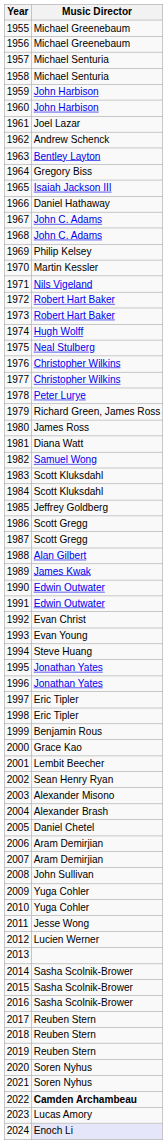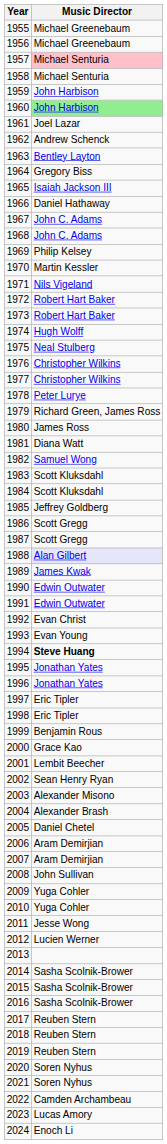 <table class="wikitable">
 <tr>
 <th>Year</th>
 <th>Music Director</th>
 </tr>
 <tr>
 <td>1955</td>
 <td>Michael Greenebaum</td>
 </tr>
 <tr>
 <td>1956</td>
 <td>Michael Greenebaum</td>
 </tr>
 <tr>
 <td>1957</td>
-<td>Michael Senturia</td>
+<td style="background: pink;">Michael Senturia</td>
 </tr>
 <tr>
 <td>1958</td>
 <td>Michael Senturia</td>
 </tr>
 <tr>
 <td>1959</td>
 <td><a href='#'>John Harbison</a></td>
 </tr>
 <tr>
 <td>1960</td>
-<td><a href='#'>John Harbison</a></td>
+<td style="background: lightgreen;"><a href='#'>John Harbison</a></td>
 </tr>
 <tr>
 <td>1961</td>
 <td>Joel Lazar</td>
 </tr>
 <tr>
 <td>1962</td>
 <td>Andrew Schenck</td>
 </tr>
 <tr>
 <td>1963</td>
 <td><a href='#'>Bentley Layton</a></td>
 </tr>
 <tr>
 <td>1964</td>
 <td>Gregory Biss</td>
 </tr>
 <tr>
 <td>1965</td>
 <td><a href='#'>Isaiah Jackson III</a></td>
 </tr>
 <tr>
 <td>1966</td>
 <td>Daniel Hathaway</td>
 </tr>
 <tr>
 <td>1967</td>
 <td><a href='#'>John C. Adams</a></td>
 </tr>
 <tr>
 <td>1968</td>
 <td><a href='#'>John C. Adams</a></td>
 </tr>
 <tr>
 <td>1969</td>
 <td>Philip Kelsey</td>
 </tr>
 <tr>
 <td>1970</td>
 <td>Martin Kessler</td>
 </tr>
 <tr>
 <td>1971</td>
 <td><a href='#'>Nils Vigeland</a></td>
 </tr>
 <tr>
 <td>1972</td>
 <td><a href='#'>Robert Hart Baker</a></td>
 </tr>
 <tr>
 <td>1973</td>
 <td><a href='#'>Robert Hart Baker</a></td>
 </tr>
 <tr>
 <td>1974</td>
 <td><a href='#'>Hugh Wolff</a></td>
 </tr>
 <tr>
 <td>1975</td>
 <td><a href='#'>Neal Stulberg</a></td>
 </tr>
 <tr>
 <td>1976</td>
 <td><a href='#'>Christopher Wilkins</a></td>
 </tr>
 <tr>
 <td>1977</td>
 <td><a href='#'>Christopher Wilkins</a></td>
 </tr>
 <tr>
 <td>1978</td>
 <td><a href='#'>Peter Lurye</a></td>
 </tr>
 <tr>
 <td>1979</td>
 <td>Richard Green, James Ross</td>
 </tr>
 <tr>
 <td>1980</td>
 <td>James Ross</td>
 </tr>
 <tr>
 <td>1981</td>
 <td>Diana Watt</td>
 </tr>
 <tr>
 <td>1982</td>
 <td><a href='#'>Samuel Wong</a></td>
 </tr>
 <tr>
 <td>1983</td>
 <td>Scott Kluksdahl</td>
 </tr>
 <tr>
 <td>1984</td>
 <td>Scott Kluksdahl</td>
 </tr>
 <tr>
 <td>1985</td>
 <td>Jeffrey Goldberg</td>
 </tr>
 <tr>
 <td>1986</td>
 <td>Scott Gregg</td>
 </tr>
 <tr>
 <td>1987</td>
 <td>Scott Gregg</td>
 </tr>
 <tr>
 <td>1988</td>
-<td><a href='#'>Alan Gilbert</a></td>
+<td style="background: lavender;"><a href='#'>Alan Gilbert</a></td>
 </tr>
 <tr>
 <td>1989</td>
 <td><a href='#'>James Kwak</a></td>
 </tr>
 <tr>
 <td>1990</td>
 <td><a href='#'>Edwin Outwater</a></td>
 </tr>
 <tr>
 <td>1991</td>
 <td><a href='#'>Edwin Outwater</a></td>
 </tr>
 <tr>
 <td>1992</td>
 <td>Evan Christ</td>
 </tr>
 <tr>
 <td>1993</td>
 <td>Evan Young</td>
 </tr>
 <tr>
 <td>1994</td>
-<td>Steve Huang</td>
+<td><strong>Steve Huang</strong></td>
 </tr>
 <tr>
 <td>1995</td>
 <td><a href='#'>Jonathan Yates</a></td>
 </tr>
 <tr>
 <td>1996</td>
 <td><a href='#'>Jonathan Yates</a></td>
 </tr>
 <tr>
 <td>1997</td>
 <td>Eric Tipler</td>
 </tr>
 <tr>
 <td>1998</td>
 <td>Eric Tipler</td>
 </tr>
 <tr>
 <td>1999</td>
 <td>Benjamin Rous</td>
 </tr>
 <tr>
 <td>2000</td>
 <td>Grace Kao</td>
 </tr>
 <tr>
 <td>2001</td>
 <td>Lembit Beecher</td>
 </tr>
 <tr>
 <td>2002</td>
 <td>Sean Henry Ryan</td>
 </tr>
 <tr>
 <td>2003</td>
 <td>Alexander Misono</td>
 </tr>
 <tr>
 <td>2004</td>
 <td>Alexander Brash</td>
 </tr>
 <tr>
 <td>2005</td>
 <td>Daniel Chetel</td>
 </tr>
 <tr>
 <td>2006</td>
 <td>Aram Demirjian</td>
 </tr>
 <tr>
 <td>2007</td>
 <td>Aram Demirjian</td>
 </tr>
 <tr>
 <td>2008</td>
 <td>John Sullivan</td>
 </tr>
 <tr>
 <td>2009</td>
 <td>Yuga Cohler</td>
 </tr>
 <tr>
 <td>2010</td>
 <td>Yuga Cohler</td>
 </tr>
 <tr>
 <td>2011</td>
 <td>Jesse Wong</td>
 </tr>
 <tr>
 <td>2012</td>
 <td>Lucien Werner</td>
 </tr>
 <tr>
 <td>2013</td>
 <td></td>
 </tr>
 <tr>
 <td>2014</td>
 <td>Sasha Scolnik-Brower</td>
 </tr>
 <tr>
 <td>2015</td>
 <td>Sasha Scolnik-Brower</td>
 </tr>
 <tr>
 <td>2016</td>
 <td>Sasha Scolnik-Brower</td>
 </tr>
 <tr>
 <td>2017</td>
 <td>Reuben Stern</td>
 </tr>
 <tr>
 <td>2018</td>
 <td>Reuben Stern</td>
 </tr>
 <tr>
 <td>2019</td>
 <td>Reuben Stern</td>
 </tr>
 <tr>
 <td>2020</td>
 <td>Soren Nyhus</td>
 </tr>
 <tr>
 <td>2021</td>
 <td>Soren Nyhus</td>
 </tr>
 <tr>
 <td>2022</td>
-<td><strong>Camden Archambeau</strong></td>
+<td>Camden Archambeau</td>
 </tr>
 <tr>
 <td>2023</td>
 <td>Lucas Amory</td>
 </tr>
 <tr>
 <td>2024</td>
-<td style="background: lavender;">Enoch Li</td>
+<td>Enoch Li</td>
 </tr>
 </table>
